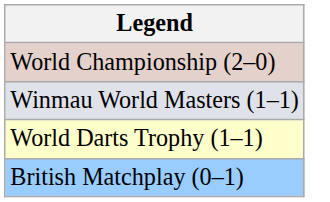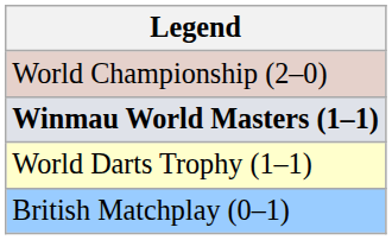 <table class="wikitable">
 <tr>
 <th>Legend</th>
 </tr>
 <tr style="background:#e5d1cb;">
 <td>World Championship (2–0)</td>
 </tr>
 <tr style="background:#dfe2e9;">
-<td>Winmau World Masters (1–1)</td>
+<td><strong>Winmau World Masters (1–1)</strong></td>
 </tr>
 <tr style="background:#ffc;">
 <td>World Darts Trophy (1–1)</td>
 </tr>
 <tr style="background:#9cf;">
 <td>British Matchplay (0–1)</td>
 </tr>
 </table>
